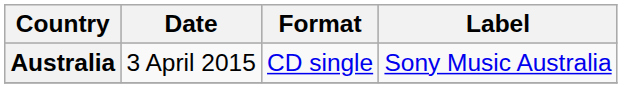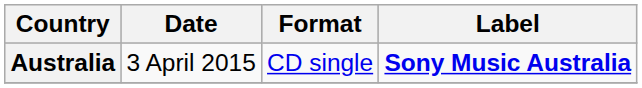 <table class="wikitable plainrowheaders">
 <tr>
 <th scope="col">Country</th>
 <th scope="col">Date</th>
 <th scope="col">Format</th>
 <th scope="col">Label</th>
 </tr>
 <tr>
 <th scope="row">Australia</th>
 <td>3 April 2015</td>
 <td><a href='#'>CD single</a></td>
-<td><a href='#'>Sony Music Australia</a></td>
+<td><strong><a href='#'>Sony Music Australia</a></strong></td>
 </tr>
 <tr>
 </tr>
 </table>
